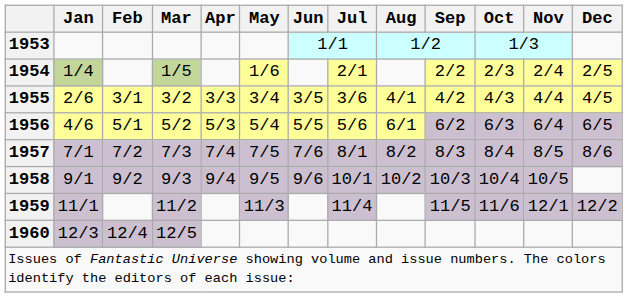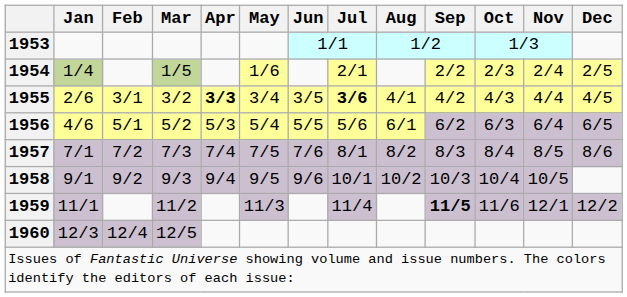 <table class="wikitable" style="font-size: 10pt; line-height: 11pt; margin-left: 2em; text-align: center; float: right; max-width: 475px">
 <tr>
 <th></th>
 <th>Jan</th>
 <th>Feb</th>
 <th>Mar</th>
 <th>Apr</th>
 <th>May</th>
 <th>Jun</th>
 <th>Jul</th>
 <th>Aug</th>
 <th>Sep</th>
 <th>Oct</th>
 <th>Nov</th>
 <th>Dec</th>
 </tr>
 <tr>
 <th>1953</th>
 <td></td>
 <td></td>
 <td></td>
 <td></td>
 <td></td>
 <td colspan="2" style="background:#cff;">1/1</td>
 <td colspan="2" style="background:#cff;">1/2</td>
 <td colspan="2" style="background:#cff;">1/3</td>
 <td></td>
 </tr>
 <tr>
 <th>1954</th>
 <td bgcolor=#c2d69a>1/4</td>
 <td></td>
 <td bgcolor=#c2d69a>1/5</td>
 <td></td>
 <td style="background:#ff9;">1/6</td>
 <td></td>
 <td style="background:#ff9;">2/1</td>
 <td></td>
 <td style="background:#ff9;">2/2</td>
 <td style="background:#ff9;">2/3</td>
 <td style="background:#ff9;">2/4</td>
 <td style="background:#ff9;">2/5</td>
 </tr>
 <tr>
 <th>1955</th>
 <td style="background:#ff9;">2/6</td>
 <td style="background:#ff9;">3/1</td>
 <td style="background:#ff9;">3/2</td>
-<td style="background:#ff9;">3/3</td>
+<td style="background:#ff9;"><strong>3/3</strong></td>
 <td style="background:#ff9;">3/4</td>
 <td style="background:#ff9;">3/5</td>
-<td style="background:#ff9;">3/6</td>
+<td style="background:#ff9;"><strong>3/6</strong></td>
 <td style="background:#ff9;">4/1</td>
 <td style="background:#ff9;">4/2</td>
 <td style="background:#ff9;">4/3</td>
 <td style="background:#ff9;">4/4</td>
 <td style="background:#ff9;">4/5</td>
 </tr>
 <tr>
 <th>1956</th>
 <td style="background:#ff9;">4/6</td>
 <td style="background:#ff9;">5/1</td>
 <td style="background:#ff9;">5/2</td>
 <td style="background:#ff9;">5/3</td>
 <td style="background:#ff9;">5/4</td>
 <td style="background:#ff9;">5/5</td>
 <td style="background:#ff9;">5/6</td>
 <td style="background:#ff9;">6/1</td>
 <td style="background:#ccc0d0;">6/2</td>
 <td style="background:#ccc0d0;">6/3</td>
 <td style="background:#ccc0d0;">6/4</td>
 <td style="background:#ccc0d0;">6/5</td>
 </tr>
 <tr>
 <th>1957</th>
 <td style="background:#ccc0d0;">7/1</td>
 <td style="background:#ccc0d0;">7/2</td>
 <td style="background:#ccc0d0;">7/3</td>
 <td style="background:#ccc0d0;">7/4</td>
 <td style="background:#ccc0d0;">7/5</td>
 <td style="background:#ccc0d0;">7/6</td>
 <td style="background:#ccc0d0;">8/1</td>
 <td style="background:#ccc0d0;">8/2</td>
 <td style="background:#ccc0d0;">8/3</td>
 <td style="background:#ccc0d0;">8/4</td>
 <td style="background:#ccc0d0;">8/5</td>
 <td style="background:#ccc0d0;">8/6</td>
 </tr>
 <tr>
 <th>1958</th>
 <td style="background:#ccc0d0;">9/1</td>
 <td style="background:#ccc0d0;">9/2</td>
 <td style="background:#ccc0d0;">9/3</td>
 <td style="background:#ccc0d0;">9/4</td>
 <td style="background:#ccc0d0;">9/5</td>
 <td style="background:#ccc0d0;">9/6</td>
 <td style="background:#ccc0d0;">10/1</td>
 <td style="background:#ccc0d0;">10/2</td>
 <td style="background:#ccc0d0;">10/3</td>
 <td style="background:#ccc0d0;">10/4</td>
 <td style="background:#ccc0d0;">10/5</td>
 <td></td>
 </tr>
 <tr>
 <th>1959</th>
 <td style="background:#ccc0d0;">11/1</td>
 <td></td>
 <td style="background:#ccc0d0;">11/2</td>
 <td></td>
 <td style="background:#ccc0d0;">11/3</td>
 <td></td>
 <td style="background:#ccc0d0;">11/4</td>
 <td></td>
-<td style="background:#ccc0d0;">11/5</td>
+<td style="background:#ccc0d0;"><strong>11/5</strong></td>
 <td style="background:#ccc0d0;">11/6</td>
 <td style="background:#ccc0d0;">12/1</td>
 <td style="background:#ccc0d0;">12/2</td>
 </tr>
 <tr>
 <th>1960</th>
 <td style="background:#ccc0d0;">12/3</td>
 <td style="background:#ccc0d0;">12/4</td>
 <td style="background:#ccc0d0;">12/5</td>
 <td></td>
 <td></td>
 <td></td>
 <td></td>
 <td></td>
 <td></td>
 <td></td>
 <td></td>
 <td></td>
 </tr>
 <tr>
 <td colspan="13" style="font-size: 8pt; text-align:left">Issues of <em>Fantastic Universe</em> showing volume and issue numbers.  The colors identify the editors of each issue:<br>   </td>
 </tr>
 </table>
